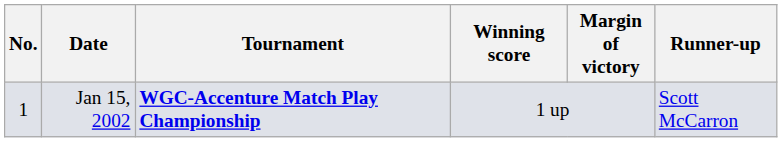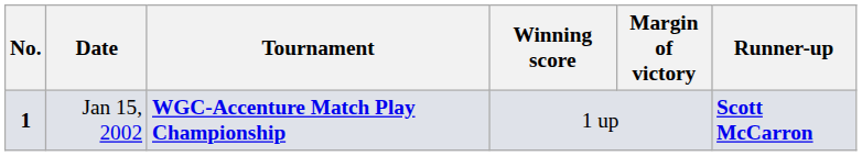 <table class="wikitable" style="font-size:95%;">
 <tr>
 <th>No.</th>
 <th>Date</th>
 <th>Tournament</th>
 <th>Winning score</th>
 <th>Margin of<br>victory</th>
 <th>Runner-up</th>
 </tr>
 <tr style="background:#dfe2e9;">
-<td align=center>1</td>
+<td align=center><strong>1</strong></td>
 <td align=right>Jan 15, <a href='#'>2002</a></td>
 <td><strong><a href='#'>WGC-Accenture Match Play Championship</a></strong></td>
 <td colspan=2 align=center>1 up</td>
-<td> <a href='#'>Scott McCarron</a></td>
+<td><strong> <a href='#'>Scott McCarron</a></strong></td>
 </tr>
 </table>
